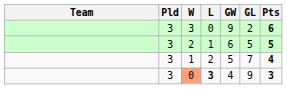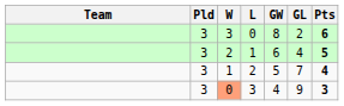 <table class="wikitable" style="text-align:center">
 <tr>
 <th width=200>Team</th>
 <th width=20>Pld</th>
 <th width=20>W</th>
 <th width=20>L</th>
 <th width=20>GW</th>
 <th width=20>GL</th>
 <th width=20>Pts</th>
 </tr>
 <tr bgcolor=ccffcc>
 <td style="text-align:left;"></td>
 <td>3</td>
 <td>3</td>
 <td>0</td>
-<td>9</td>
+<td>8</td>
 <td>2</td>
 <td><strong>6</strong></td>
 </tr>
 <tr bgcolor=ccffcc>
 <td style="text-align:left;"></td>
 <td>3</td>
 <td>2</td>
 <td>1</td>
 <td>6</td>
-<td>5</td>
+<td>4</td>
 <td><strong>5</strong></td>
 </tr>
 <tr>
 <td style="text-align:left;"></td>
 <td>3</td>
 <td>1</td>
 <td>2</td>
 <td>5</td>
 <td>7</td>
 <td><strong>4</strong></td>
 </tr>
 <tr>
 <td style="text-align:left;"></td>
 <td>3</td>
 <td style="background: lightsalmon;">0</td>
-<td><strong>3</strong></td>
+<td>3</td>
 <td>4</td>
 <td>9</td>
 <td><strong>3</strong></td>
 </tr>
 </table>
